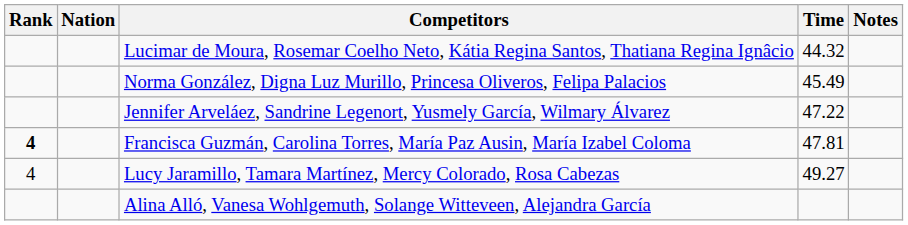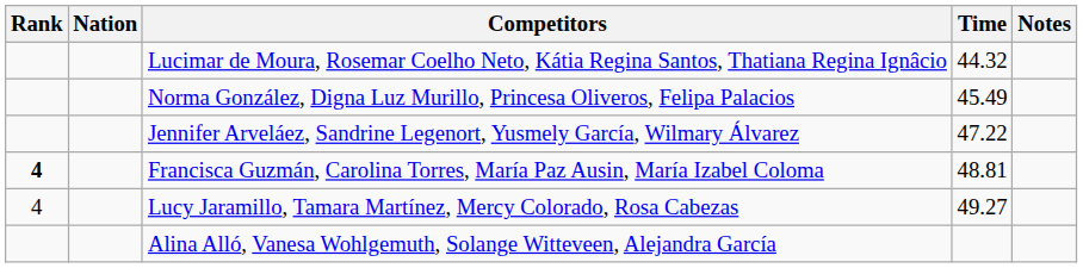 <table class="wikitable sortable" style="text-align:center; font-size:95%">
 <tr>
 <th>Rank</th>
 <th>Nation</th>
 <th>Competitors</th>
 <th>Time</th>
 <th>Notes</th>
 </tr>
 <tr>
 <td></td>
 <td align=left></td>
 <td align=left><a href='#'>Lucimar de Moura</a>, <a href='#'>Rosemar Coelho Neto</a>, <a href='#'>Kátia Regina Santos</a>, <a href='#'>Thatiana Regina Ignâcio</a></td>
 <td>44.32</td>
 <td></td>
 </tr>
 <tr>
 <td></td>
 <td align=left></td>
 <td align=left><a href='#'>Norma González</a>, <a href='#'>Digna Luz Murillo</a>, <a href='#'>Princesa Oliveros</a>, <a href='#'>Felipa Palacios</a></td>
 <td>45.49</td>
 <td></td>
 </tr>
 <tr>
 <td></td>
 <td align=left></td>
 <td align=left><a href='#'>Jennifer Arveláez</a>, <a href='#'>Sandrine Legenort</a>, <a href='#'>Yusmely García</a>, <a href='#'>Wilmary Álvarez</a></td>
 <td>47.22</td>
 <td></td>
 </tr>
 <tr>
 <td><strong>4</strong></td>
 <td align=left></td>
 <td align=left><a href='#'>Francisca Guzmán</a>, <a href='#'>Carolina Torres</a>, <a href='#'>María Paz Ausin</a>, <a href='#'>María Izabel Coloma</a></td>
-<td>47.81</td>
+<td>48.81</td>
 <td></td>
 </tr>
 <tr>
 <td>4</td>
 <td align=left></td>
 <td align=left><a href='#'>Lucy Jaramillo</a>, <a href='#'>Tamara Martínez</a>, <a href='#'>Mercy Colorado</a>, <a href='#'>Rosa Cabezas</a></td>
 <td>49.27</td>
 <td></td>
 </tr>
 <tr>
 <td></td>
 <td align=left></td>
 <td align=left><a href='#'>Alina Alló</a>, <a href='#'>Vanesa Wohlgemuth</a>, <a href='#'>Solange Witteveen</a>, <a href='#'>Alejandra García</a></td>
 <td></td>
 <td></td>
 </tr>
 </table>
